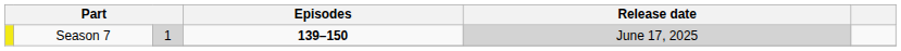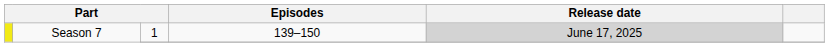 <table class="wikitable" style="text-align:center; width: 70%;">
 <tr>
 <th colspan="3" width="20%">Part</th>
 <th>Episodes</th>
 <th>Release date</th>
 <th width="5%"></th>
 </tr>
 <tr>
 <td rowspan="2" width="1%" style="background: #F2EA16"></td>
 <td rowspan="2">Season 7</td>
-<td style="background: lightgrey;">1</td>
-<td><strong>139–150</strong></td>
+<td>1</td>
+<td>139–150</td>
 <td style="background: lightgrey;">June 17, 2025</td>
 <td></td>
 </tr>
 <tr>
 </tr>
 </table>
